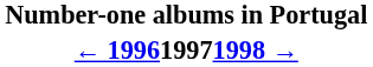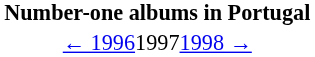 <table class="toc" id="toc" summary="Contents">
 <tr>
 <th>Number-one albums in Portugal</th>
 </tr>
 <tr>
-<td align="center"><strong><a href='#'>← 1996</a>1997<a href='#'>1998 →</a></strong></td>
+<td align="center"><a href='#'>← 1996</a>1997<a href='#'>1998 →</a></td>
 </tr>
 </table>
